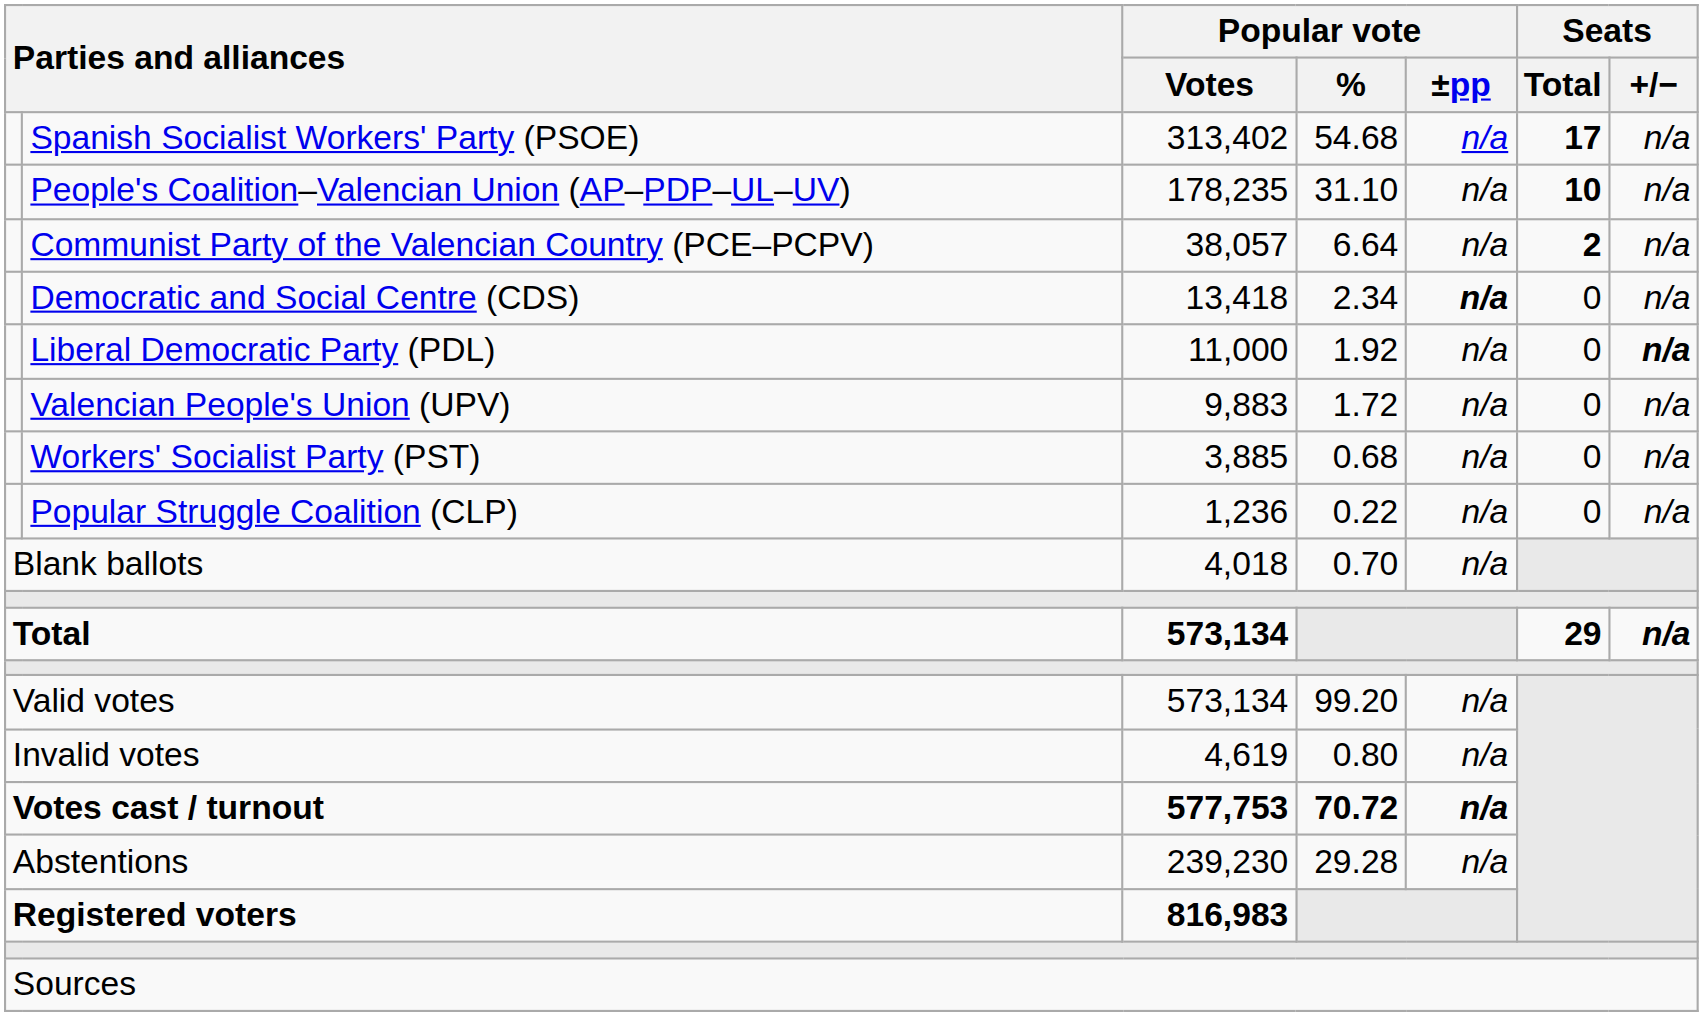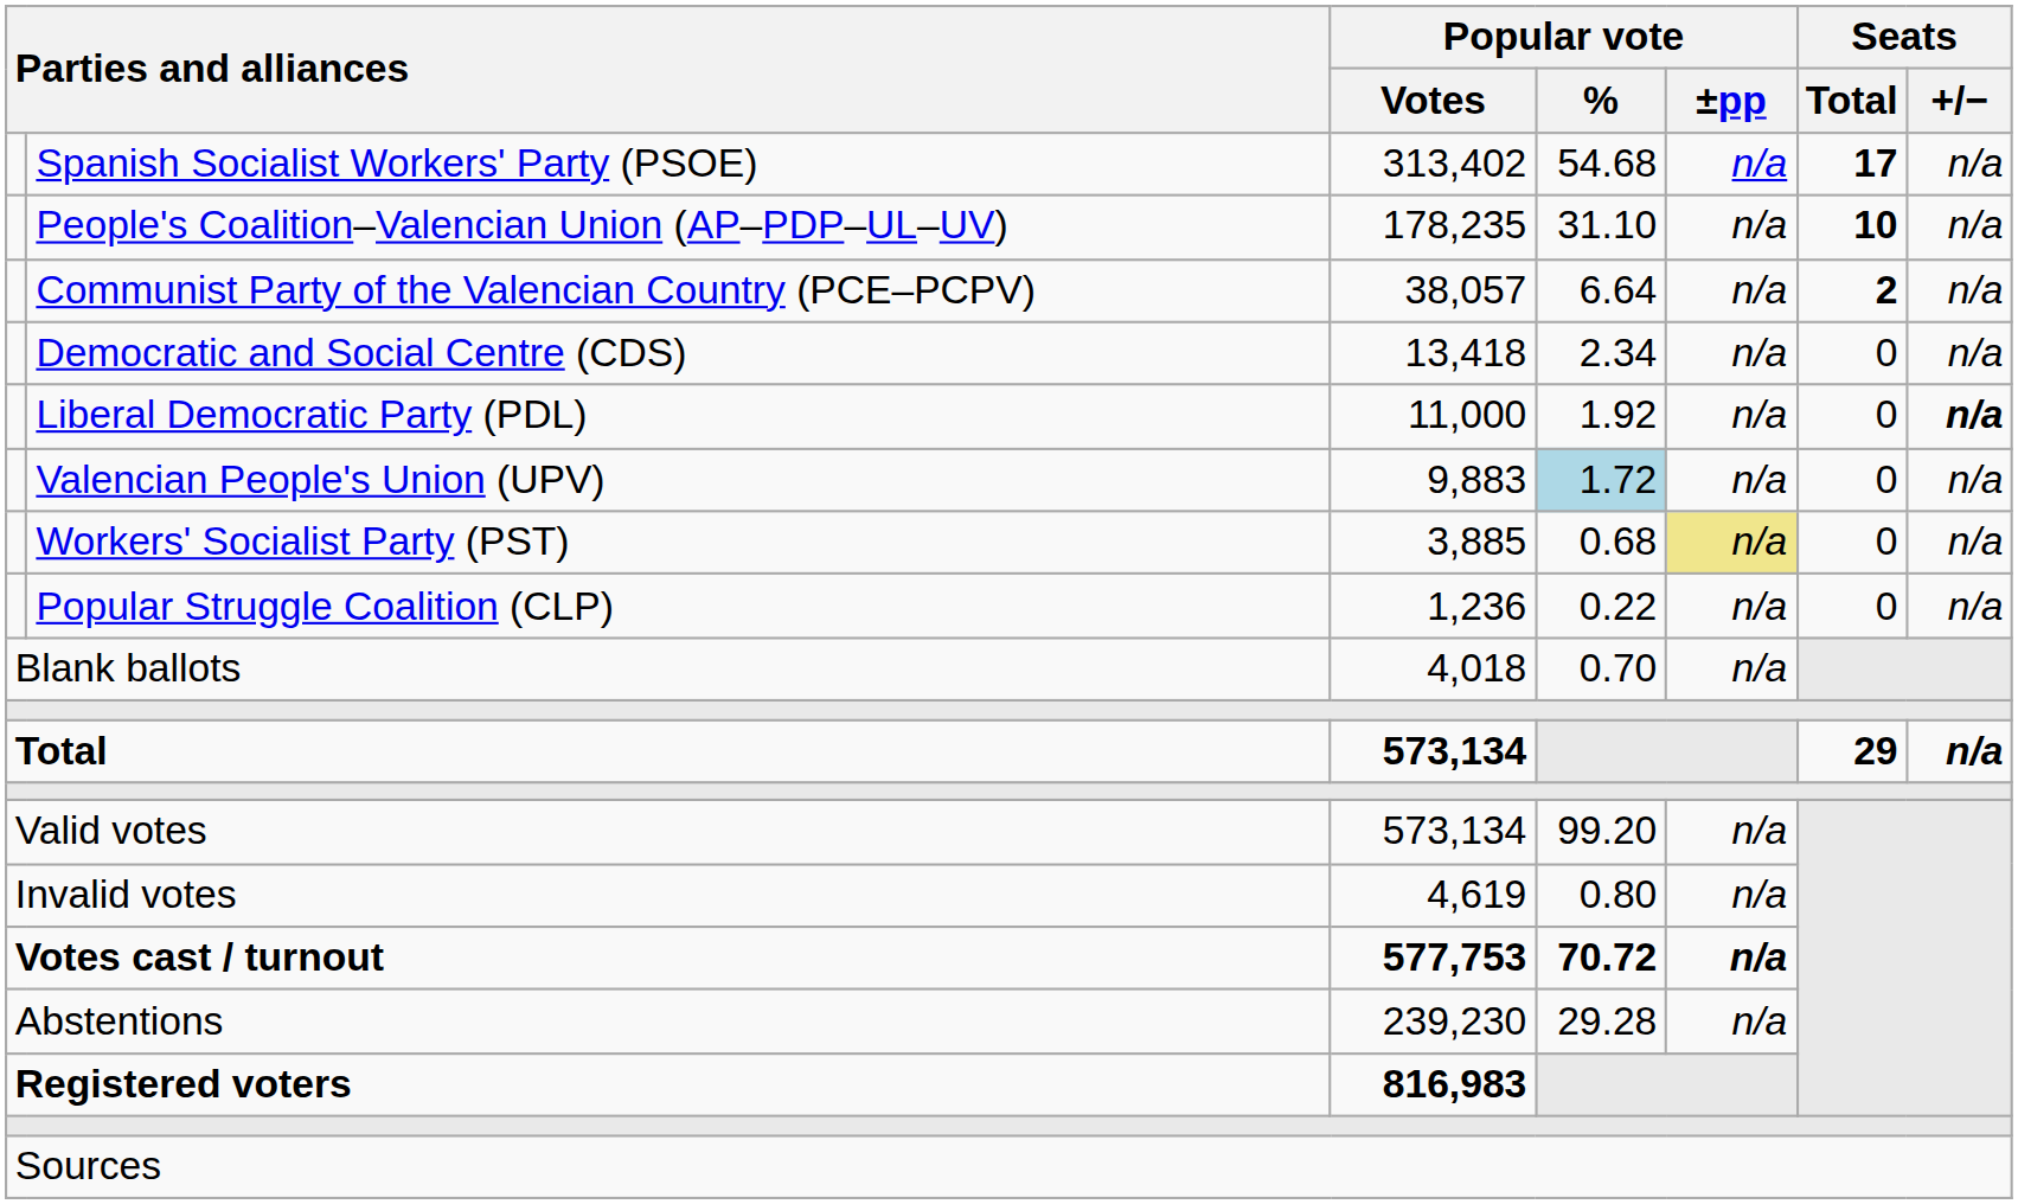 <table class="wikitable" style="text-align:right;">
 <tr>
 <th style="text-align:left;" rowspan="2" colspan="2" width="525">Parties and alliances</th>
 <th colspan="3">Popular vote</th>
 <th colspan="2">Seats</th>
 </tr>
 <tr>
 <th width="75">Votes</th>
 <th width="45">%</th>
 <th width="45">±<a href='#'>pp</a></th>
 <th width="35">Total</th>
 <th width="35">+/−</th>
 </tr>
 <tr>
 <td width="1" style="color:inherit;background:"></td>
 <td align="left"><a href='#'>Spanish Socialist Workers' Party</a> (PSOE)</td>
 <td>313,402</td>
 <td>54.68</td>
 <td><em><a href='#'>n/a</a></em></td>
 <td><strong>17</strong></td>
 <td><em>n/a</em></td>
 </tr>
 <tr>
 <td style="color:inherit;background:"></td>
 <td align="left"><a href='#'>People's Coalition</a>–<a href='#'>Valencian Union</a> (<a href='#'>AP</a>–<a href='#'>PDP</a>–<a href='#'>UL</a>–<a href='#'>UV</a>)</td>
 <td>178,235</td>
 <td>31.10</td>
 <td><em>n/a</em></td>
 <td><strong>10</strong></td>
 <td><em>n/a</em></td>
 </tr>
 <tr>
 <td style="color:inherit;background:"></td>
 <td align="left"><a href='#'>Communist Party of the Valencian Country</a> (PCE–PCPV)</td>
 <td>38,057</td>
 <td>6.64</td>
 <td><em>n/a</em></td>
 <td><strong>2</strong></td>
 <td><em>n/a</em></td>
 </tr>
 <tr>
 <td style="color:inherit;background:"></td>
 <td align="left"><a href='#'>Democratic and Social Centre</a> (CDS)</td>
 <td>13,418</td>
 <td>2.34</td>
-<td><strong><em>n/a</em></strong></td>
+<td><em>n/a</em></td>
 <td>0</td>
 <td><em>n/a</em></td>
 </tr>
 <tr>
 <td style="color:inherit;background:"></td>
 <td align="left"><a href='#'>Liberal Democratic Party</a> (PDL)</td>
 <td>11,000</td>
 <td>1.92</td>
 <td><em>n/a</em></td>
 <td>0</td>
 <td><strong><em>n/a</em></strong></td>
 </tr>
 <tr>
 <td style="color:inherit;background:"></td>
 <td align="left"><a href='#'>Valencian People's Union</a> (UPV)</td>
 <td>9,883</td>
-<td>1.72</td>
+<td style="background: lightblue;">1.72</td>
 <td><em>n/a</em></td>
 <td>0</td>
 <td><em>n/a</em></td>
 </tr>
 <tr>
 <td style="color:inherit;background:"></td>
 <td align="left"><a href='#'>Workers' Socialist Party</a> (PST)</td>
 <td>3,885</td>
 <td>0.68</td>
-<td><em>n/a</em></td>
+<td style="background: khaki;"><em>n/a</em></td>
 <td>0</td>
 <td><em>n/a</em></td>
 </tr>
 <tr>
 <td style="color:inherit;background:"></td>
 <td align="left"><a href='#'>Popular Struggle Coalition</a> (CLP)</td>
 <td>1,236</td>
 <td>0.22</td>
 <td><em>n/a</em></td>
 <td>0</td>
 <td><em>n/a</em></td>
 </tr>
 <tr>
 <td align="left" colspan="2">Blank ballots</td>
 <td>4,018</td>
 <td>0.70</td>
 <td><em>n/a</em></td>
 <td bgcolor="#E9E9E9" colspan="2"></td>
 </tr>
 <tr>
 <td colspan="7" bgcolor="#E9E9E9"></td>
 </tr>
 <tr style="font-weight:bold;">
 <td align="left" colspan="2">Total</td>
 <td>573,134</td>
 <td bgcolor="#E9E9E9" colspan="2"></td>
 <td>29</td>
 <td><em>n/a</em></td>
 </tr>
 <tr>
 <td colspan="7" bgcolor="#E9E9E9"></td>
 </tr>
 <tr>
 <td align="left" colspan="2">Valid votes</td>
 <td>573,134</td>
 <td>99.20</td>
 <td><em>n/a</em></td>
 <td bgcolor="#E9E9E9" colspan="2" rowspan="5"></td>
 </tr>
 <tr>
 <td align="left" colspan="2">Invalid votes</td>
 <td>4,619</td>
 <td>0.80</td>
 <td><em>n/a</em></td>
 </tr>
 <tr style="font-weight:bold;">
 <td align="left" colspan="2">Votes cast / turnout</td>
 <td>577,753</td>
 <td>70.72</td>
 <td><em>n/a</em></td>
 </tr>
 <tr>
 <td align="left" colspan="2">Abstentions</td>
 <td>239,230</td>
 <td>29.28</td>
 <td><em>n/a</em></td>
 </tr>
 <tr style="font-weight:bold;">
 <td align="left" colspan="2">Registered voters</td>
 <td>816,983</td>
 <td bgcolor="#E9E9E9" colspan="2"></td>
 </tr>
 <tr>
 <td colspan="7" bgcolor="#E9E9E9"></td>
 </tr>
 <tr>
 <td align="left" colspan="7">Sources</td>
 </tr>
 </table>
